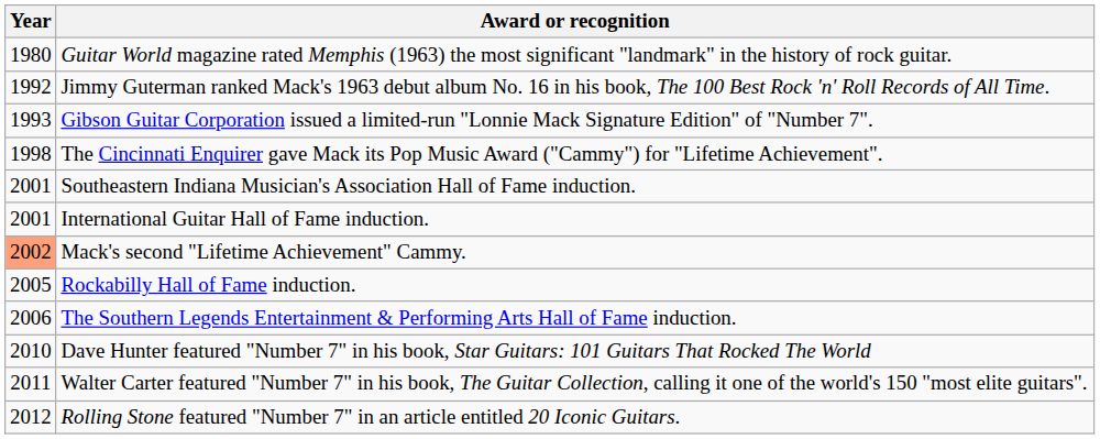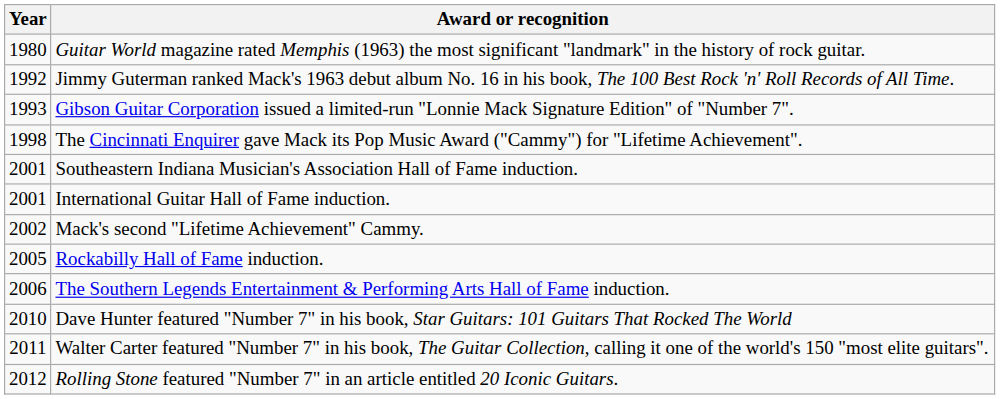 <table class="wikitable" style="width:95%;">
 <tr>
 <th align=center>Year</th>
 <th>Award or recognition</th>
 </tr>
 <tr>
 <td align=center>1980</td>
 <td><em>Guitar World</em> magazine rated <em>Memphis</em> (1963) the most significant "landmark" in the history of rock guitar.</td>
 </tr>
 <tr>
 <td align=center>1992</td>
 <td>Jimmy Guterman ranked Mack's 1963 debut album No. 16 in his book, <em>The 100 Best Rock 'n' Roll Records of All Time</em>.</td>
 </tr>
 <tr>
 <td align=center>1993</td>
 <td><a href='#'>Gibson Guitar Corporation</a> issued a limited-run "Lonnie Mack Signature Edition" of "Number 7".</td>
 </tr>
 <tr>
 <td align=center>1998</td>
 <td>The <a href='#'>Cincinnati Enquirer</a> gave Mack its Pop Music Award ("Cammy") for "Lifetime Achievement".</td>
 </tr>
 <tr>
 <td align=center>2001</td>
 <td>Southeastern Indiana Musician's Association Hall of Fame induction.</td>
 </tr>
 <tr>
 <td align=center>2001</td>
 <td>International Guitar Hall of Fame induction.</td>
 </tr>
 <tr>
-<td align=center style="background: lightsalmon;">2002</td>
+<td align=center>2002</td>
 <td>Mack's second "Lifetime Achievement" Cammy.</td>
 </tr>
 <tr>
 <td align=center>2005</td>
 <td><a href='#'>Rockabilly Hall of Fame</a> induction.</td>
 </tr>
 <tr>
 <td align=center>2006</td>
 <td><a href='#'>The Southern Legends Entertainment & Performing Arts Hall of Fame</a> induction.</td>
 </tr>
 <tr>
 <td align=center>2010</td>
 <td>Dave Hunter featured "Number 7" in his book, <em>Star Guitars: 101 Guitars That Rocked The World</em></td>
 </tr>
 <tr>
 <td align=center>2011</td>
 <td>Walter Carter featured "Number 7" in his book, <em>The Guitar Collection</em>, calling it one of the world's 150 "most elite guitars".</td>
 </tr>
 <tr>
 <td align=center>2012</td>
 <td><em>Rolling Stone</em> featured "Number 7" in an article entitled <em>20 Iconic Guitars</em>.</td>
 </tr>
 </table>
